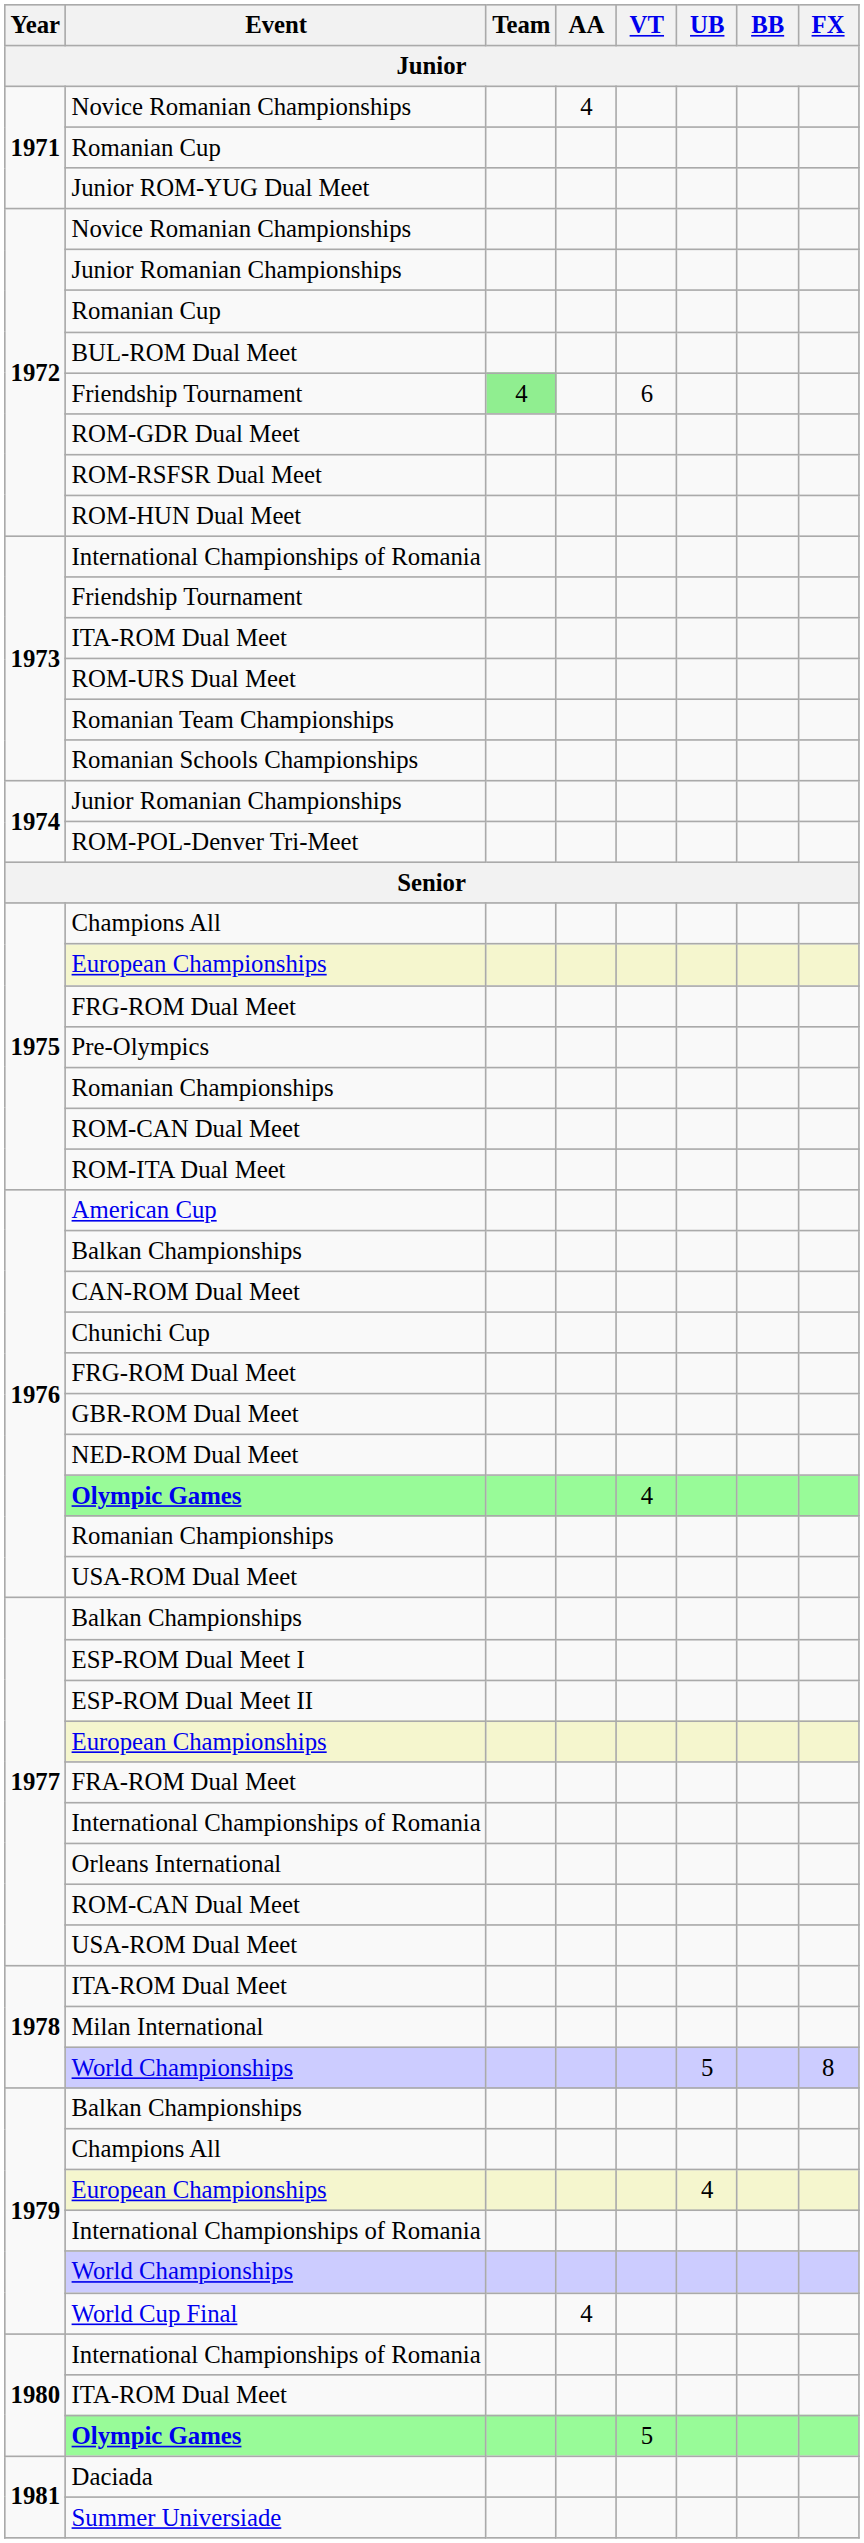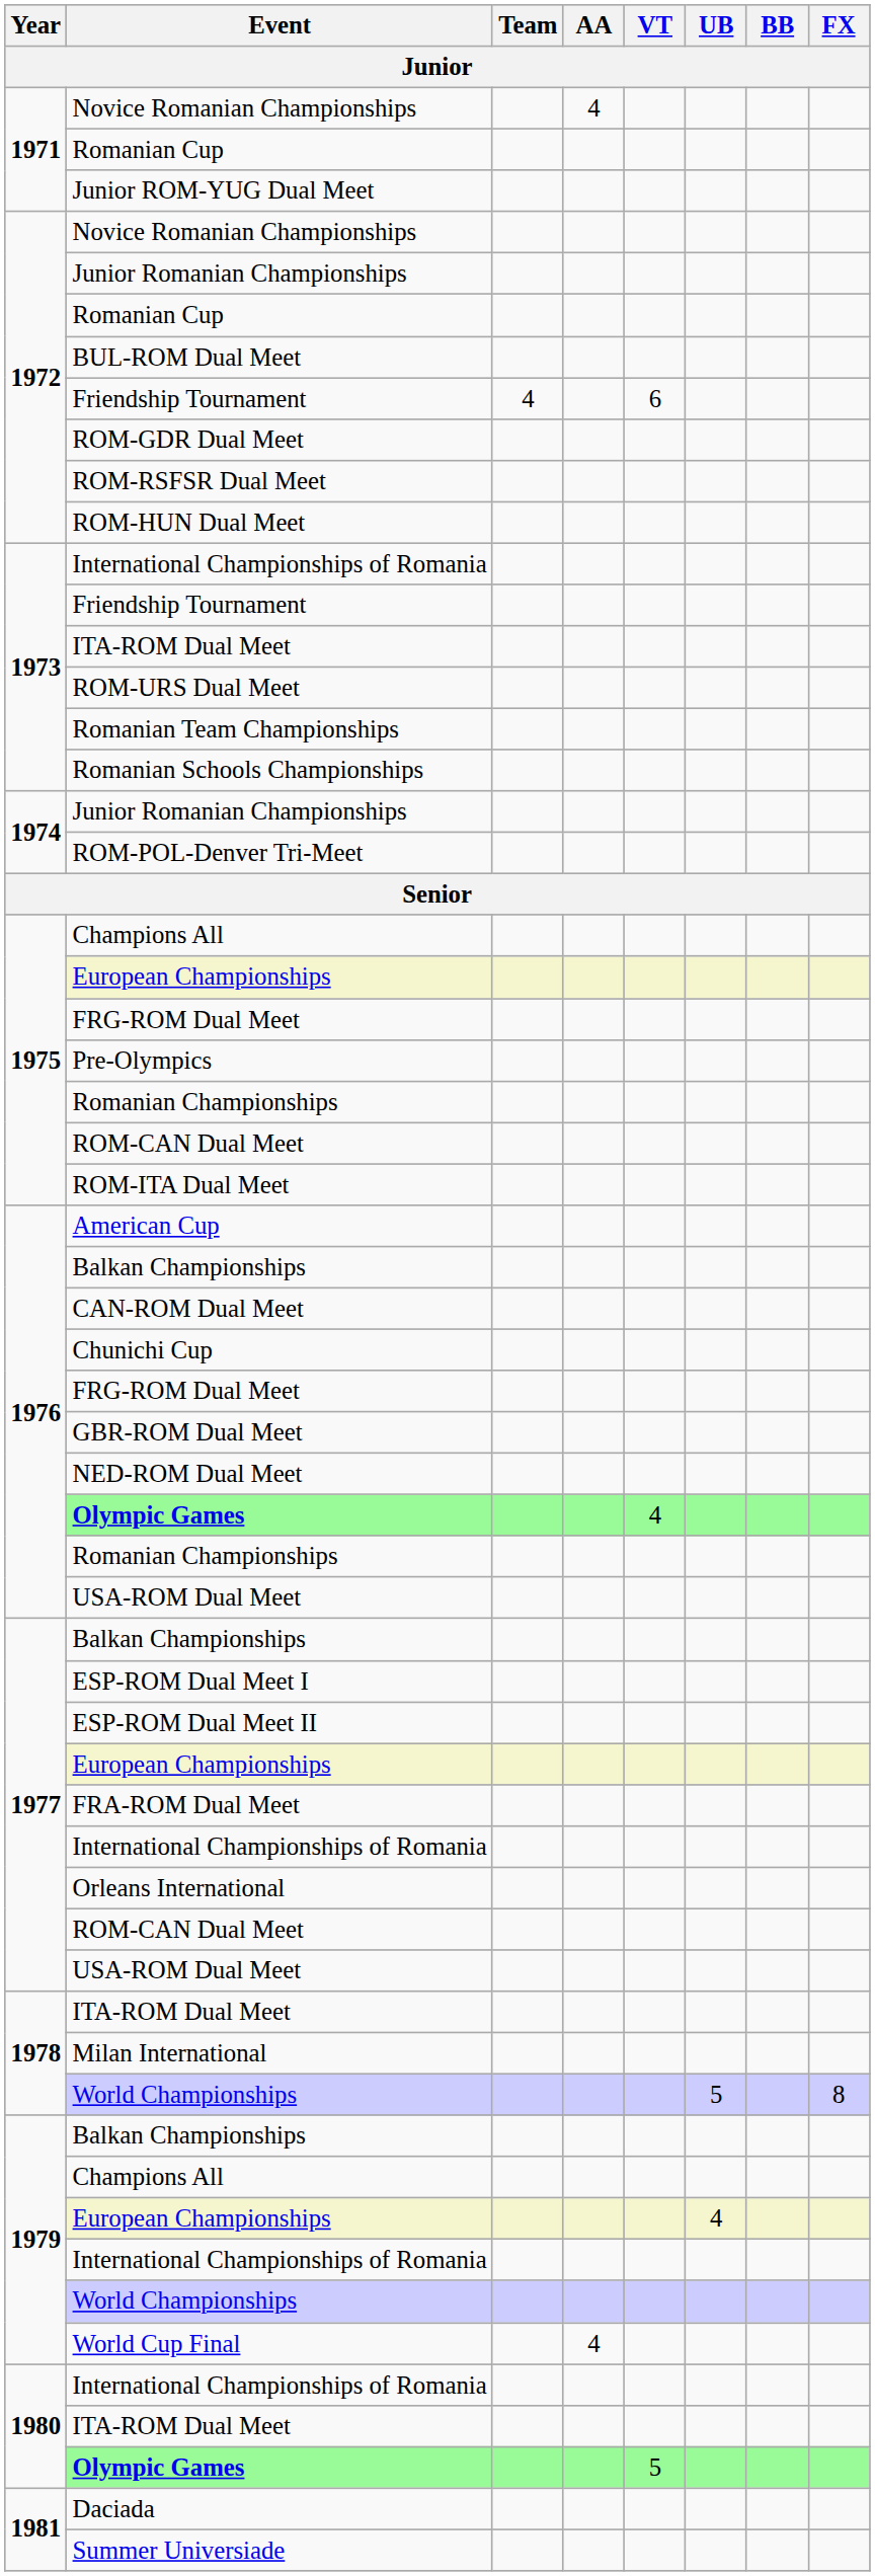 <table class="wikitable" style="text-align:center; font-size:95%;">
 <tr>
 <th align=center>Year</th>
 <th align=center>Event</th>
 <th style="width:30px;">Team</th>
 <th style="width:30px;">AA</th>
 <th style="width:30px;"><a href='#'>VT</a></th>
 <th style="width:30px;"><a href='#'>UB</a></th>
 <th style="width:30px;"><a href='#'>BB</a></th>
 <th style="width:30px;"><a href='#'>FX</a></th>
 </tr>
 <tr>
 <th colspan="19"><strong>Junior</strong></th>
 </tr>
 <tr>
 <td rowspan="3"><strong>1971</strong></td>
 <td align=left>Novice Romanian Championships</td>
 <td></td>
 <td>4</td>
 <td></td>
 <td></td>
 <td></td>
 <td></td>
 </tr>
 <tr>
 <td align=left>Romanian Cup</td>
 <td></td>
 <td></td>
 <td></td>
 <td></td>
 <td></td>
 <td></td>
 </tr>
 <tr>
 <td align=left>Junior ROM-YUG Dual Meet</td>
 <td></td>
 <td></td>
 <td></td>
 <td></td>
 <td></td>
 <td></td>
 </tr>
 <tr>
 <td rowspan="8"><strong>1972</strong></td>
 <td align=left>Novice Romanian Championships</td>
 <td></td>
 <td></td>
 <td></td>
 <td></td>
 <td></td>
 <td></td>
 </tr>
 <tr>
 <td align=left>Junior Romanian Championships</td>
 <td></td>
 <td></td>
 <td></td>
 <td></td>
 <td></td>
 <td></td>
 </tr>
 <tr>
 <td align=left>Romanian Cup</td>
 <td></td>
 <td></td>
 <td></td>
 <td></td>
 <td></td>
 <td></td>
 </tr>
 <tr>
 <td align=left>BUL-ROM Dual Meet</td>
 <td></td>
 <td></td>
 <td></td>
 <td></td>
 <td></td>
 <td></td>
 </tr>
 <tr>
 <td align=left>Friendship Tournament</td>
-<td style="background: lightgreen;">4</td>
+<td>4</td>
 <td></td>
 <td>6</td>
 <td></td>
 <td></td>
 <td></td>
 </tr>
 <tr>
 <td align=left>ROM-GDR Dual Meet</td>
 <td></td>
 <td></td>
 <td></td>
 <td></td>
 <td></td>
 <td></td>
 </tr>
 <tr>
 <td align=left>ROM-RSFSR Dual Meet</td>
 <td></td>
 <td></td>
 <td></td>
 <td></td>
 <td></td>
 <td></td>
 </tr>
 <tr>
 <td align=left>ROM-HUN Dual Meet</td>
 <td></td>
 <td></td>
 <td></td>
 <td></td>
 <td></td>
 <td></td>
 </tr>
 <tr>
 <td rowspan="6"><strong>1973</strong></td>
 <td align=left>International Championships of Romania</td>
 <td></td>
 <td></td>
 <td></td>
 <td></td>
 <td></td>
 <td></td>
 </tr>
 <tr>
 <td align=left>Friendship Tournament</td>
 <td></td>
 <td></td>
 <td></td>
 <td></td>
 <td></td>
 <td></td>
 </tr>
 <tr>
 <td align=left>ITA-ROM Dual Meet</td>
 <td></td>
 <td></td>
 <td></td>
 <td></td>
 <td></td>
 <td></td>
 </tr>
 <tr>
 <td align=left>ROM-URS Dual Meet</td>
 <td></td>
 <td></td>
 <td></td>
 <td></td>
 <td></td>
 <td></td>
 </tr>
 <tr>
 <td align=left>Romanian Team Championships</td>
 <td></td>
 <td></td>
 <td></td>
 <td></td>
 <td></td>
 <td></td>
 </tr>
 <tr>
 <td align=left>Romanian Schools Championships</td>
 <td></td>
 <td></td>
 <td></td>
 <td></td>
 <td></td>
 <td></td>
 </tr>
 <tr>
 <td rowspan="2"><strong>1974</strong></td>
 <td align=left>Junior Romanian Championships</td>
 <td></td>
 <td></td>
 <td></td>
 <td></td>
 <td></td>
 <td></td>
 </tr>
 <tr>
 <td align=left>ROM-POL-Denver Tri-Meet</td>
 <td></td>
 <td></td>
 <td></td>
 <td></td>
 <td></td>
 <td></td>
 </tr>
 <tr>
 <th colspan="40"><strong>Senior</strong></th>
 </tr>
 <tr>
 <td rowspan="7"><strong>1975</strong></td>
 <td align=left>Champions All</td>
 <td></td>
 <td></td>
 <td></td>
 <td></td>
 <td></td>
 <td></td>
 </tr>
 <tr bgcolor=#F5F6CE>
 <td align=left><a href='#'>European Championships</a></td>
 <td></td>
 <td></td>
 <td></td>
 <td></td>
 <td></td>
 <td></td>
 </tr>
 <tr>
 <td align=left>FRG-ROM Dual Meet</td>
 <td></td>
 <td></td>
 <td></td>
 <td></td>
 <td></td>
 <td></td>
 </tr>
 <tr>
 <td align=left>Pre-Olympics</td>
 <td></td>
 <td></td>
 <td></td>
 <td></td>
 <td></td>
 <td></td>
 </tr>
 <tr>
 <td align=left>Romanian Championships</td>
 <td></td>
 <td></td>
 <td></td>
 <td></td>
 <td></td>
 <td></td>
 </tr>
 <tr>
 <td align=left>ROM-CAN Dual Meet</td>
 <td></td>
 <td></td>
 <td></td>
 <td></td>
 <td></td>
 <td></td>
 </tr>
 <tr>
 <td align=left>ROM-ITA Dual Meet</td>
 <td></td>
 <td></td>
 <td></td>
 <td></td>
 <td></td>
 <td></td>
 </tr>
 <tr>
 <td rowspan="10"><strong>1976</strong></td>
 <td align=left><a href='#'>American Cup</a></td>
 <td></td>
 <td></td>
 <td></td>
 <td></td>
 <td></td>
 <td></td>
 </tr>
 <tr>
 <td align=left>Balkan Championships</td>
 <td></td>
 <td></td>
 <td></td>
 <td></td>
 <td></td>
 <td></td>
 </tr>
 <tr>
 <td align=left>CAN-ROM Dual Meet</td>
 <td></td>
 <td></td>
 <td></td>
 <td></td>
 <td></td>
 <td></td>
 </tr>
 <tr>
 <td align=left>Chunichi Cup</td>
 <td></td>
 <td></td>
 <td></td>
 <td></td>
 <td></td>
 <td></td>
 </tr>
 <tr>
 <td align=left>FRG-ROM Dual Meet</td>
 <td></td>
 <td></td>
 <td></td>
 <td></td>
 <td></td>
 <td></td>
 </tr>
 <tr>
 <td align=left>GBR-ROM Dual Meet</td>
 <td></td>
 <td></td>
 <td></td>
 <td></td>
 <td></td>
 <td></td>
 </tr>
 <tr>
 <td align=left>NED-ROM Dual Meet</td>
 <td></td>
 <td></td>
 <td></td>
 <td></td>
 <td></td>
 <td></td>
 </tr>
 <tr bgcolor=98FB98>
 <td align=left><strong><a href='#'>Olympic Games</a></strong></td>
 <td></td>
 <td></td>
 <td>4</td>
 <td></td>
 <td></td>
 <td></td>
 </tr>
 <tr>
 <td align=left>Romanian Championships</td>
 <td></td>
 <td></td>
 <td></td>
 <td></td>
 <td></td>
 <td></td>
 </tr>
 <tr>
 <td align=left>USA-ROM Dual Meet</td>
 <td></td>
 <td></td>
 <td></td>
 <td></td>
 <td></td>
 <td></td>
 </tr>
 <tr>
 <td rowspan="9"><strong>1977</strong></td>
 <td align=left>Balkan Championships</td>
 <td></td>
 <td></td>
 <td></td>
 <td></td>
 <td></td>
 <td></td>
 </tr>
 <tr>
 <td align=left>ESP-ROM Dual Meet I</td>
 <td></td>
 <td></td>
 <td></td>
 <td></td>
 <td></td>
 <td></td>
 </tr>
 <tr>
 <td align=left>ESP-ROM Dual Meet II</td>
 <td></td>
 <td></td>
 <td></td>
 <td></td>
 <td></td>
 <td></td>
 </tr>
 <tr bgcolor=#F5F6CE>
 <td align=left><a href='#'>European Championships</a></td>
 <td></td>
 <td></td>
 <td></td>
 <td></td>
 <td></td>
 <td></td>
 </tr>
 <tr>
 <td align=left>FRA-ROM Dual Meet</td>
 <td></td>
 <td></td>
 <td></td>
 <td></td>
 <td></td>
 <td></td>
 </tr>
 <tr>
 <td align=left>International Championships of Romania</td>
 <td></td>
 <td></td>
 <td></td>
 <td></td>
 <td></td>
 <td></td>
 </tr>
 <tr>
 <td align=left>Orleans International</td>
 <td></td>
 <td></td>
 <td></td>
 <td></td>
 <td></td>
 <td></td>
 </tr>
 <tr>
 <td align=left>ROM-CAN Dual Meet</td>
 <td></td>
 <td></td>
 <td></td>
 <td></td>
 <td></td>
 <td></td>
 </tr>
 <tr>
 <td align=left>USA-ROM Dual Meet</td>
 <td></td>
 <td></td>
 <td></td>
 <td></td>
 <td></td>
 <td></td>
 </tr>
 <tr>
 <td rowspan="3"><strong>1978</strong></td>
 <td align=left>ITA-ROM Dual Meet</td>
 <td></td>
 <td></td>
 <td></td>
 <td></td>
 <td></td>
 <td></td>
 </tr>
 <tr>
 <td align=left>Milan International</td>
 <td></td>
 <td></td>
 <td></td>
 <td></td>
 <td></td>
 <td></td>
 </tr>
 <tr bgcolor=#CCCCFF>
 <td align=left><a href='#'>World Championships</a></td>
 <td></td>
 <td></td>
 <td></td>
 <td>5</td>
 <td></td>
 <td>8</td>
 </tr>
 <tr>
 <td rowspan="6"><strong>1979</strong></td>
 <td align=left>Balkan Championships</td>
 <td></td>
 <td></td>
 <td></td>
 <td></td>
 <td></td>
 <td></td>
 </tr>
 <tr>
 <td align=left>Champions All</td>
 <td></td>
 <td></td>
 <td></td>
 <td></td>
 <td></td>
 <td></td>
 </tr>
 <tr bgcolor=#F5F6CE>
 <td align=left><a href='#'>European Championships</a></td>
 <td></td>
 <td></td>
 <td></td>
 <td>4</td>
 <td></td>
 <td></td>
 </tr>
 <tr>
 <td align=left>International Championships of Romania</td>
 <td></td>
 <td></td>
 <td></td>
 <td></td>
 <td></td>
 <td></td>
 </tr>
 <tr bgcolor=#CCCCFF>
 <td align=left><a href='#'>World Championships</a></td>
 <td></td>
 <td></td>
 <td></td>
 <td></td>
 <td></td>
 <td></td>
 </tr>
 <tr>
 <td align=left><a href='#'>World Cup Final</a></td>
 <td></td>
 <td>4</td>
 <td></td>
 <td></td>
 <td></td>
 <td></td>
 </tr>
 <tr>
 <td rowspan="3"><strong>1980</strong></td>
 <td align=left>International Championships of Romania</td>
 <td></td>
 <td></td>
 <td></td>
 <td></td>
 <td></td>
 <td></td>
 </tr>
 <tr>
 <td align=left>ITA-ROM Dual Meet</td>
 <td></td>
 <td></td>
 <td></td>
 <td></td>
 <td></td>
 <td></td>
 </tr>
 <tr bgcolor=98FB98>
 <td align=left><strong><a href='#'>Olympic Games</a></strong></td>
 <td></td>
 <td></td>
 <td>5</td>
 <td></td>
 <td></td>
 <td></td>
 </tr>
 <tr>
 <td rowspan="2"><strong>1981</strong></td>
 <td align=left>Daciada</td>
 <td></td>
 <td></td>
 <td></td>
 <td></td>
 <td></td>
 <td></td>
 </tr>
 <tr>
 <td align=left><a href='#'>Summer Universiade</a></td>
 <td></td>
 <td></td>
 <td></td>
 <td></td>
 <td></td>
 <td></td>
 </tr>
 </table>
